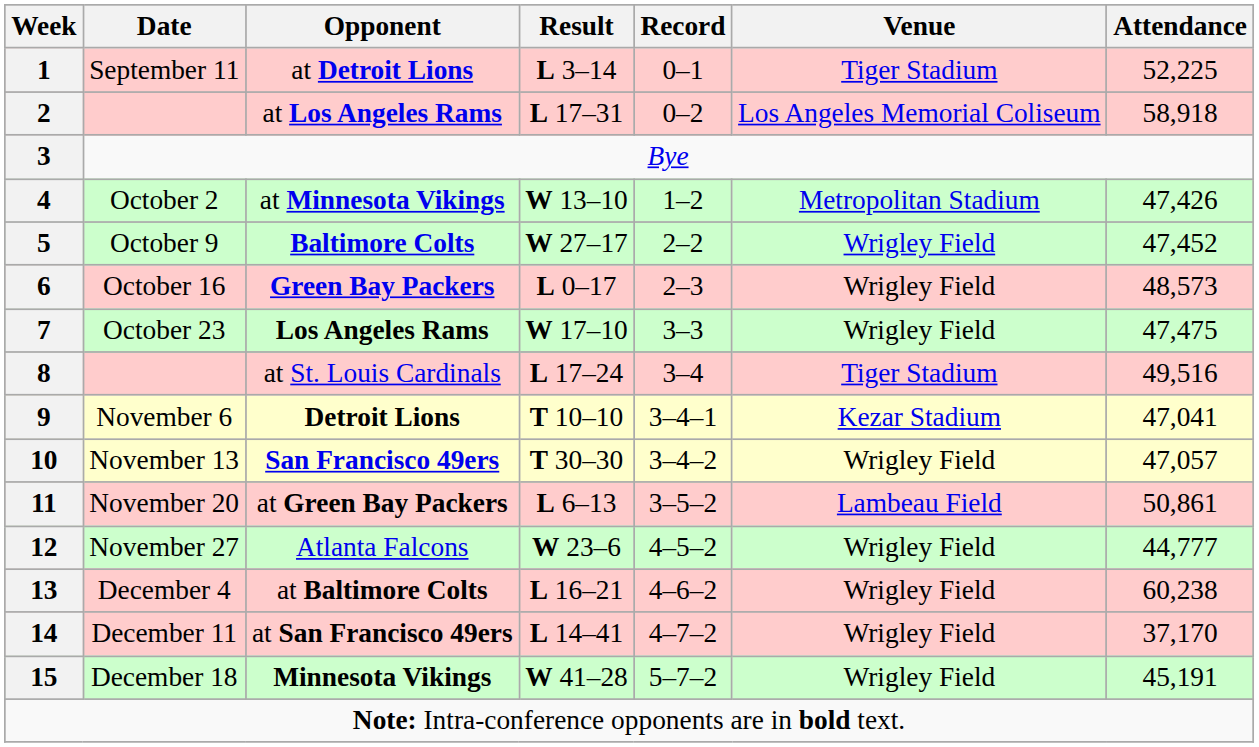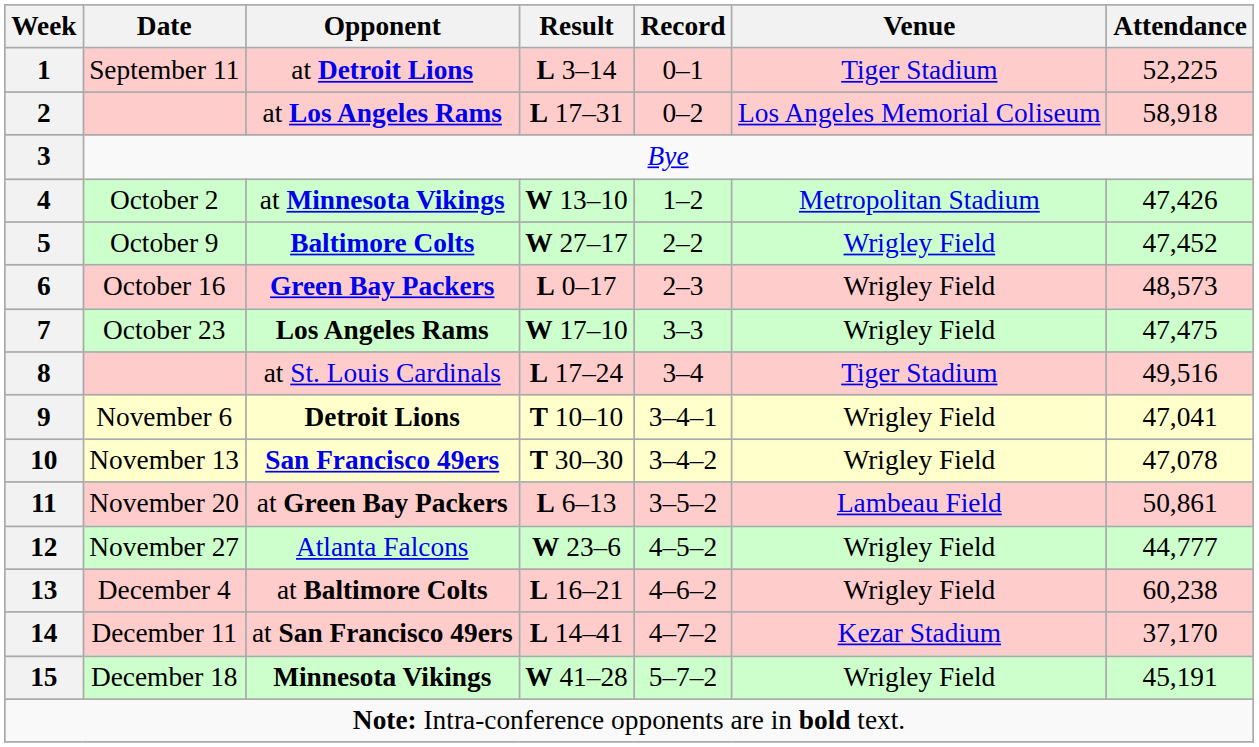 <table class="wikitable" style="text-align:center">
 <tr>
 <th>Week</th>
 <th>Date</th>
 <th>Opponent</th>
 <th>Result</th>
 <th>Record</th>
 <th>Venue</th>
 <th>Attendance</th>
 </tr>
 <tr style="background:#fcc">
 <th>1</th>
 <td>September 11</td>
 <td>at <strong><a href='#'>Detroit Lions</a></strong></td>
 <td><strong>L</strong> 3–14</td>
 <td>0–1</td>
 <td><a href='#'>Tiger Stadium</a></td>
 <td>52,225</td>
 </tr>
 <tr style="background:#fcc">
 <th>2</th>
 <td></td>
 <td>at <strong><a href='#'>Los Angeles Rams</a></strong></td>
 <td><strong>L</strong> 17–31</td>
 <td>0–2</td>
 <td><a href='#'>Los Angeles Memorial Coliseum</a></td>
 <td>58,918</td>
 </tr>
 <tr>
 <th>3</th>
 <td colspan=7><em><a href='#'>Bye</a></em></td>
 </tr>
 <tr style="background:#cfc">
 <th>4</th>
 <td>October 2</td>
 <td>at <strong><a href='#'>Minnesota Vikings</a></strong></td>
 <td><strong>W</strong> 13–10</td>
 <td>1–2</td>
 <td><a href='#'>Metropolitan Stadium</a></td>
 <td>47,426</td>
 </tr>
 <tr style="background:#cfc">
 <th>5</th>
 <td>October 9</td>
 <td><strong><a href='#'>Baltimore Colts</a></strong></td>
 <td><strong>W</strong> 27–17</td>
 <td>2–2</td>
 <td><a href='#'>Wrigley Field</a></td>
 <td>47,452</td>
 </tr>
 <tr style="background:#fcc">
 <th>6</th>
 <td>October 16</td>
 <td><strong><a href='#'>Green Bay Packers</a></strong></td>
 <td><strong>L</strong> 0–17</td>
 <td>2–3</td>
 <td>Wrigley Field</td>
 <td>48,573</td>
 </tr>
 <tr style="background:#cfc">
 <th>7</th>
 <td>October 23</td>
 <td><strong>Los Angeles Rams</strong></td>
 <td><strong>W</strong> 17–10</td>
 <td>3–3</td>
 <td>Wrigley Field</td>
 <td>47,475</td>
 </tr>
 <tr style="background:#fcc">
 <th>8</th>
 <td></td>
 <td>at <a href='#'>St. Louis Cardinals</a></td>
 <td><strong>L</strong> 17–24</td>
 <td>3–4</td>
 <td><a href='#'>Tiger Stadium</a></td>
 <td>49,516</td>
 </tr>
 <tr style="background:#ffc">
 <th>9</th>
 <td>November 6</td>
 <td><strong>Detroit Lions</strong></td>
 <td><strong>T</strong> 10–10</td>
 <td>3–4–1</td>
-<td><a href='#'>Kezar Stadium</a></td>
+<td>Wrigley Field</td>
 <td>47,041</td>
 </tr>
 <tr style="background:#ffc">
 <th>10</th>
 <td>November 13</td>
 <td><strong><a href='#'>San Francisco 49ers</a></strong></td>
 <td><strong>T</strong> 30–30</td>
 <td>3–4–2</td>
 <td>Wrigley Field</td>
-<td>47,057</td>
+<td>47,078</td>
 </tr>
 <tr style="background:#fcc">
 <th>11</th>
 <td>November 20</td>
 <td>at <strong>Green Bay Packers</strong></td>
 <td><strong>L</strong> 6–13</td>
 <td>3–5–2</td>
 <td><a href='#'>Lambeau Field</a></td>
 <td>50,861</td>
 </tr>
 <tr style="background:#cfc">
 <th>12</th>
 <td>November 27</td>
 <td><a href='#'>Atlanta Falcons</a></td>
 <td><strong>W</strong> 23–6</td>
 <td>4–5–2</td>
 <td>Wrigley Field</td>
 <td>44,777</td>
 </tr>
 <tr style="background:#fcc">
 <th>13</th>
 <td>December 4</td>
 <td>at <strong>Baltimore Colts</strong></td>
 <td><strong>L</strong> 16–21</td>
 <td>4–6–2</td>
 <td>Wrigley Field</td>
 <td>60,238</td>
 </tr>
 <tr style="background: #fcc;">
 <th>14</th>
 <td>December 11</td>
 <td>at <strong>San Francisco 49ers</strong></td>
 <td><strong>L</strong> 14–41</td>
 <td>4–7–2</td>
-<td>Wrigley Field</td>
+<td><a href='#'>Kezar Stadium</a></td>
 <td>37,170</td>
 </tr>
 <tr style="background: #cfc;">
 <th>15</th>
 <td>December 18</td>
 <td><strong>Minnesota Vikings</strong></td>
 <td><strong>W</strong> 41–28</td>
 <td>5–7–2</td>
 <td>Wrigley Field</td>
 <td>45,191</td>
 </tr>
 <tr>
 <td colspan="8"><strong>Note:</strong> Intra-conference opponents are in <strong>bold</strong> text.</td>
 </tr>
 </table>
